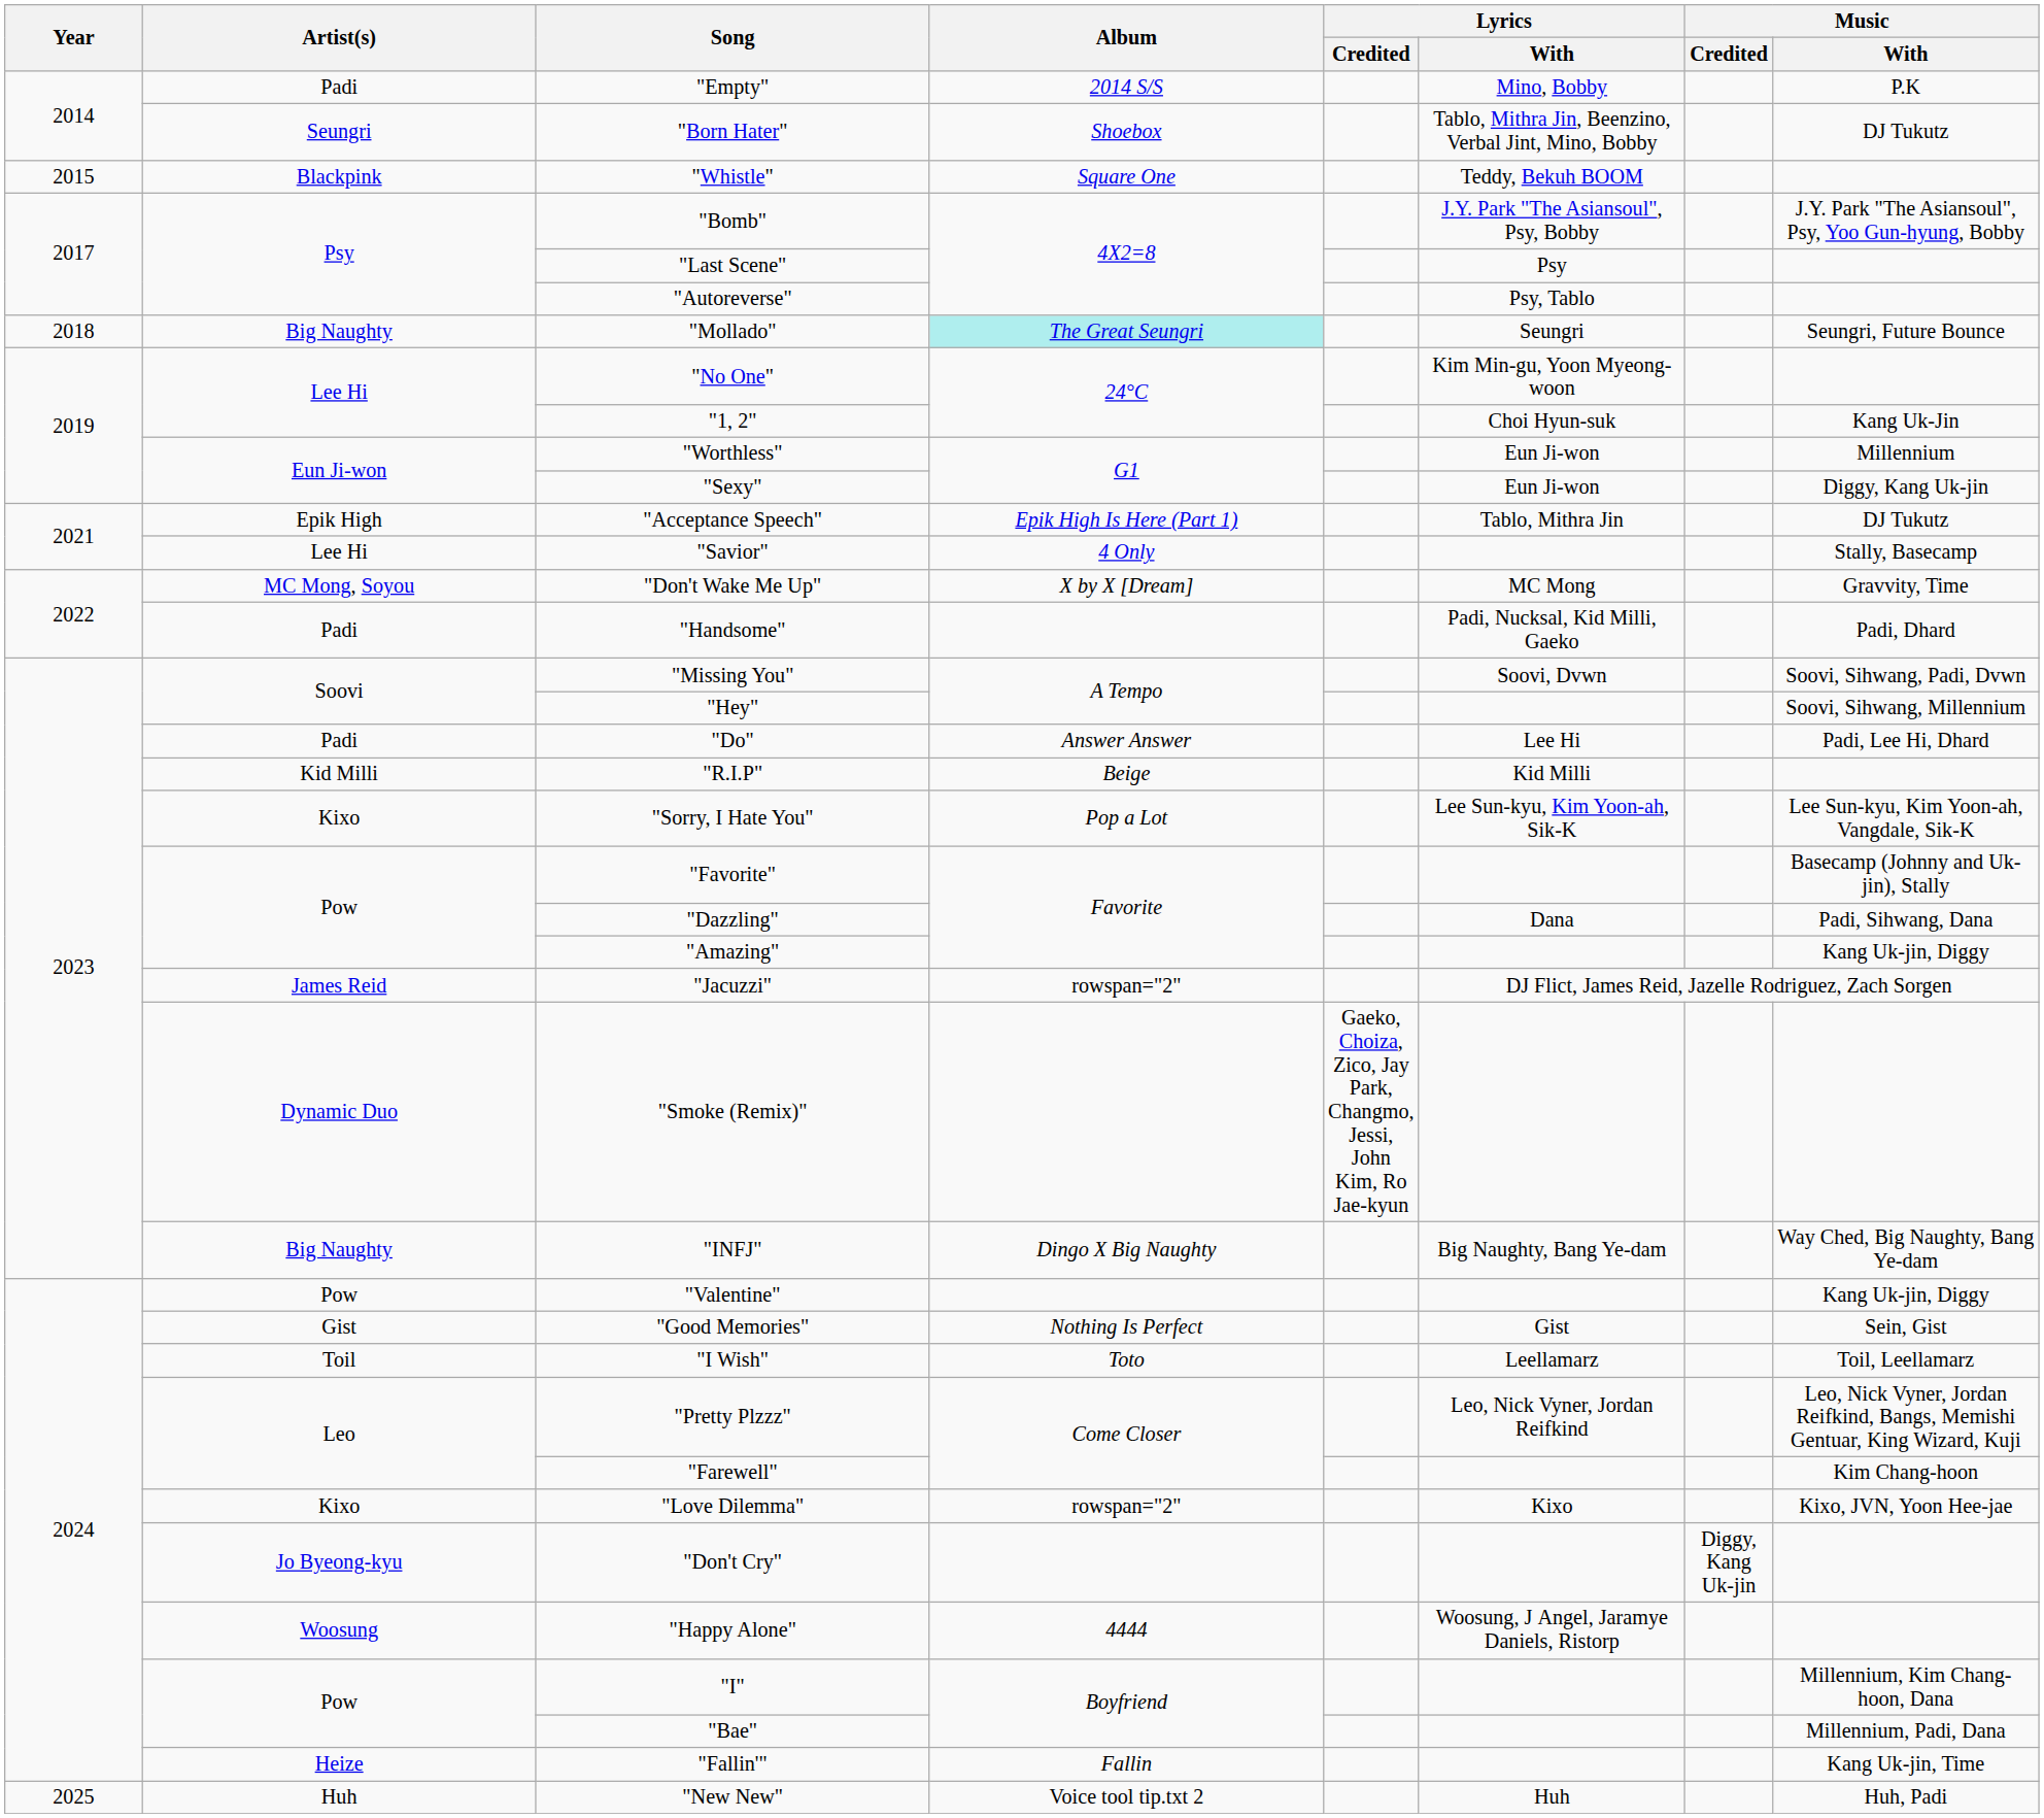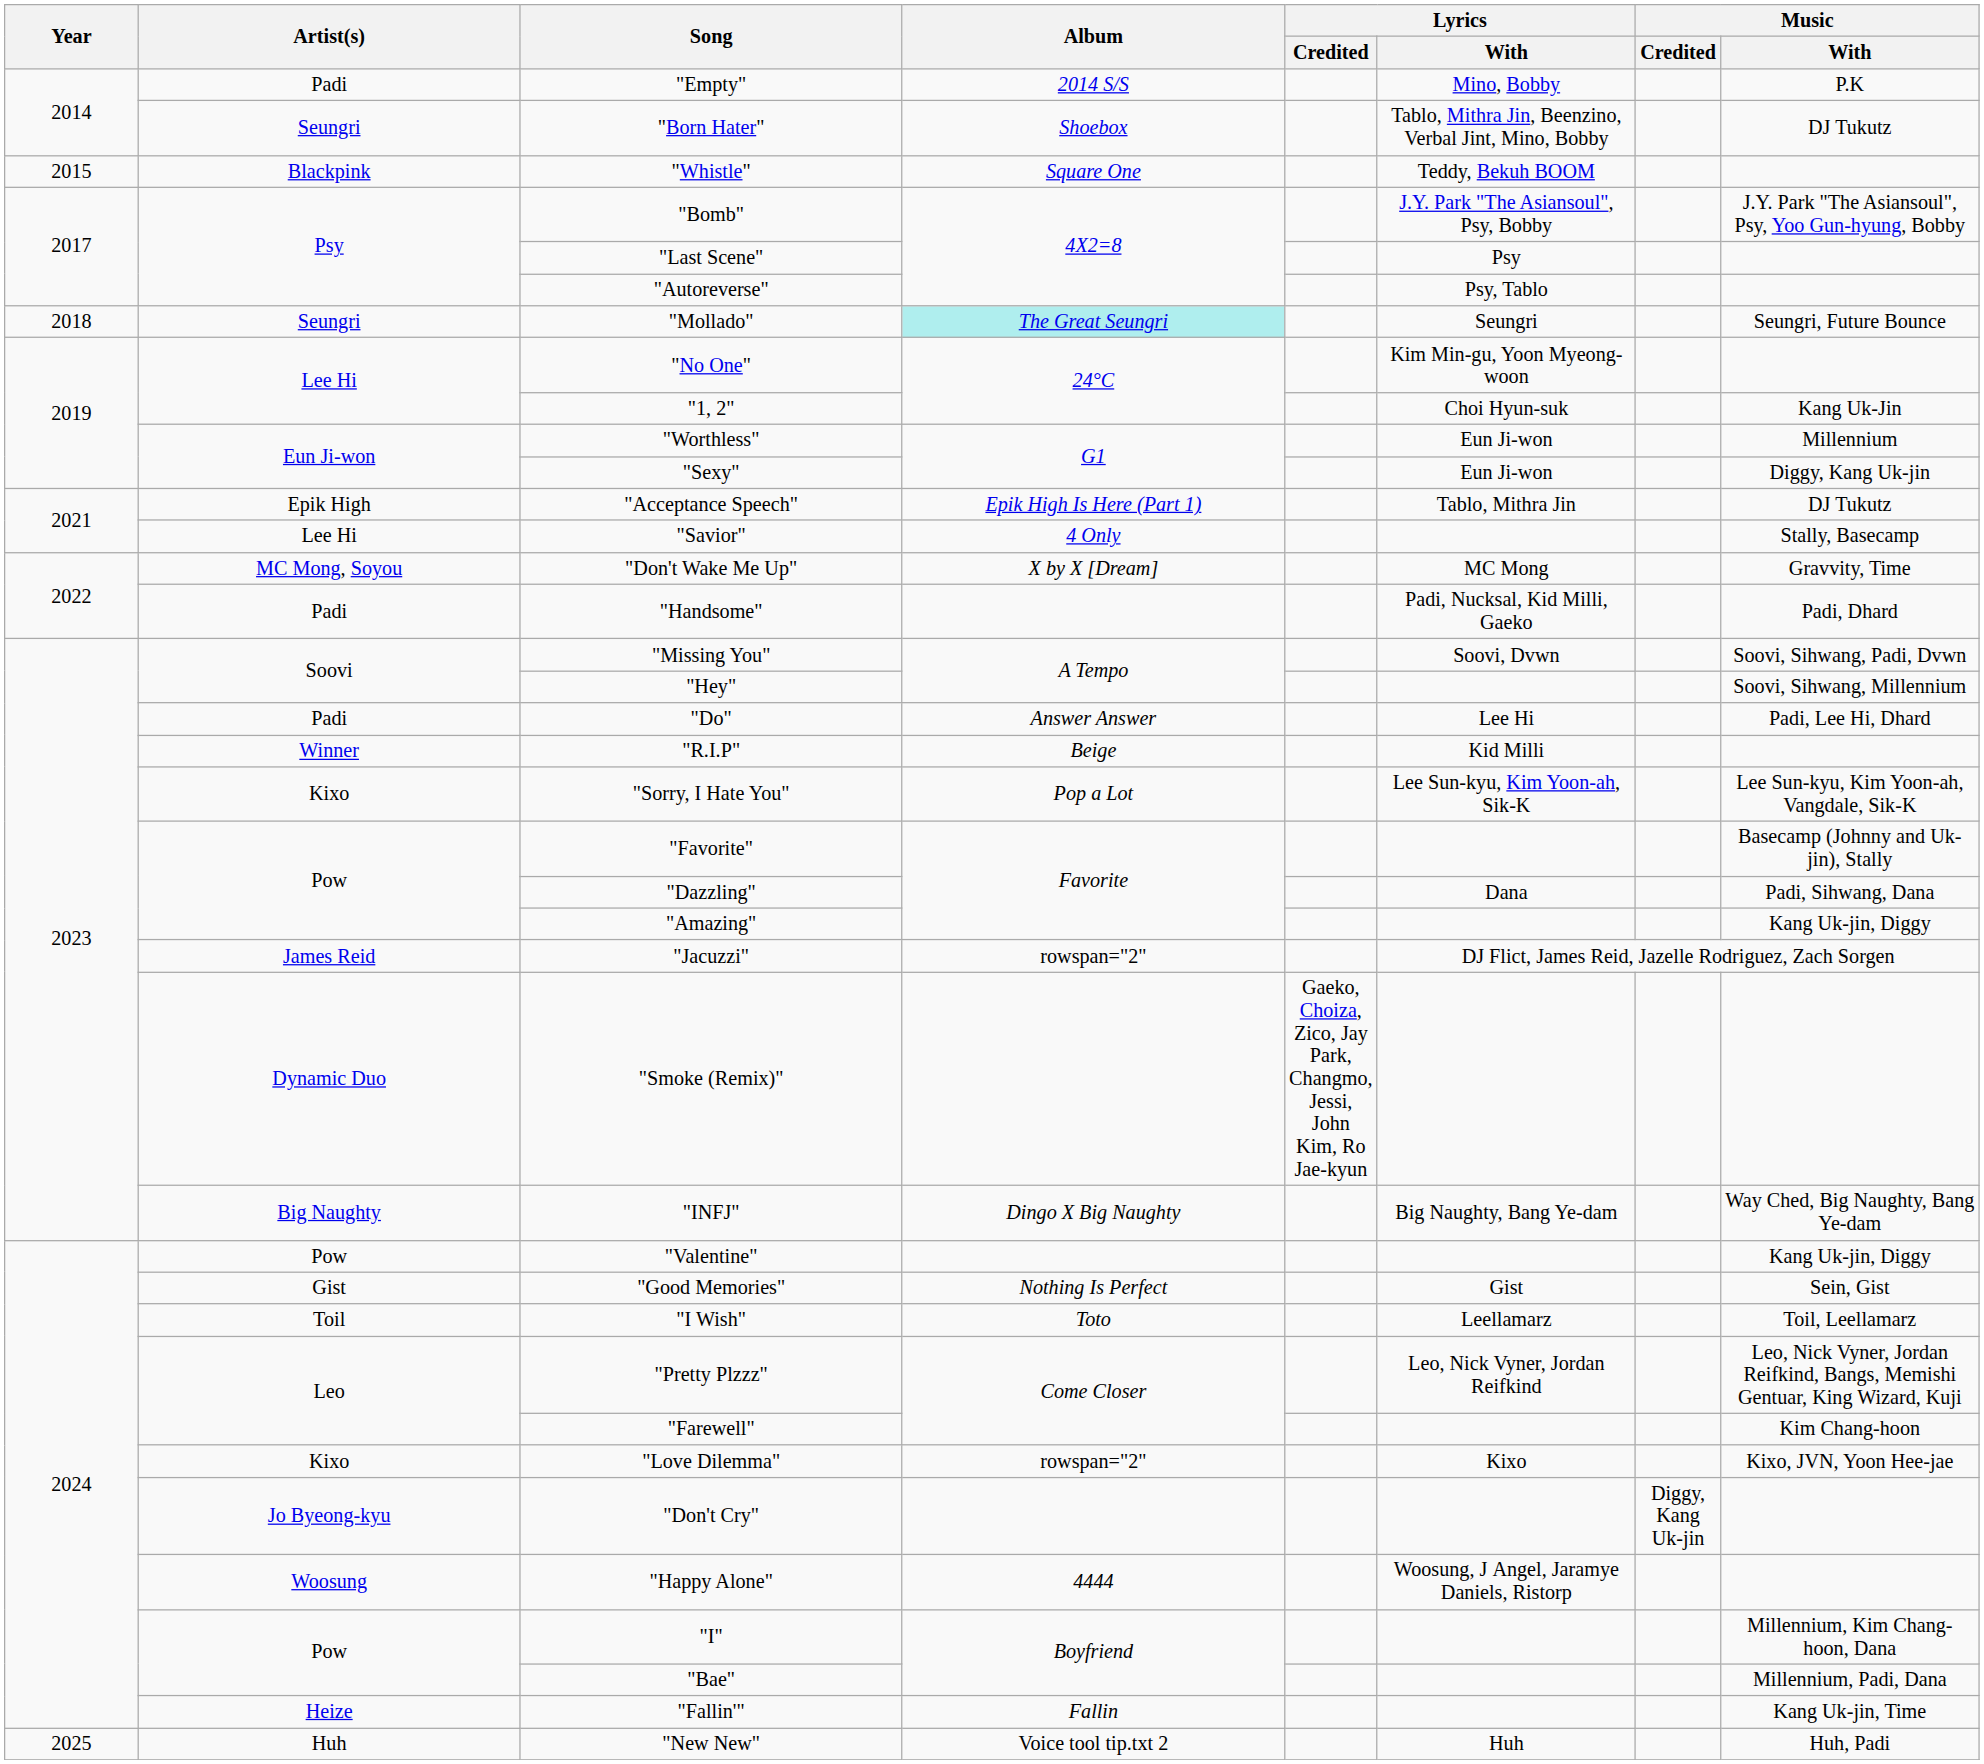 <table class="wikitable" style="text-align:center;">
 <tr>
 <th rowspan="2" width="100px">Year</th>
 <th rowspan="2" width="300px">Artist(s)</th>
 <th rowspan="2" width="300px">Song</th>
 <th rowspan="2" width="300px">Album</th>
 <th colspan="2">Lyrics</th>
 <th colspan="2">Music</th>
 </tr>
 <tr>
 <th width="50px">Credited</th>
 <th width="200px">With</th>
 <th width="50px">Credited</th>
 <th width="200px">With</th>
 </tr>
 <tr>
 <td rowspan="2">2014</td>
 <td>Padi</td>
 <td>"Empty"</td>
 <td><em><a href='#'>2014 S/S</a></em></td>
 <td></td>
 <td><a href='#'>Mino</a>, <a href='#'>Bobby</a></td>
 <td></td>
 <td>P.K</td>
 </tr>
 <tr>
 <td><a href='#'>Seungri</a></td>
 <td>"<a href='#'>Born Hater</a>" <br></td>
 <td><em><a href='#'>Shoebox</a></em></td>
 <td></td>
 <td>Tablo, <a href='#'>Mithra Jin</a>, Beenzino, Verbal Jint, Mino, Bobby</td>
 <td></td>
 <td>DJ Tukutz</td>
 </tr>
 <tr>
 <td>2015</td>
 <td><a href='#'>Blackpink</a></td>
 <td>"<a href='#'>Whistle</a>"</td>
 <td><em><a href='#'>Square One</a></em></td>
 <td></td>
 <td>Teddy, <a href='#'>Bekuh BOOM</a></td>
 <td></td>
 <td></td>
 </tr>
 <tr>
 <td rowspan="3">2017</td>
 <td rowspan="3"><a href='#'>Psy</a></td>
 <td>"Bomb" <br></td>
 <td rowspan="3"><em><a href='#'>4X2=8</a></em></td>
 <td></td>
 <td><a href='#'>J.Y. Park "The Asiansoul"</a>, Psy, Bobby</td>
 <td></td>
 <td>J.Y. Park "The Asiansoul", Psy, <a href='#'>Yoo Gun-hyung</a>, Bobby</td>
 </tr>
 <tr>
 <td>"Last Scene" <br></td>
 <td></td>
 <td>Psy</td>
 <td></td>
 <td></td>
 </tr>
 <tr>
 <td>"Autoreverse" <br></td>
 <td></td>
 <td>Psy, Tablo</td>
 <td></td>
 <td></td>
 </tr>
 <tr>
 <td>2018</td>
-<td><a href='#'>Big Naughty</a></td>
+<td><a href='#'>Seungri</a></td>
 <td>"Mollado" <br></td>
 <td style="background: paleturquoise;"><em><a href='#'>The Great Seungri</a></em></td>
 <td></td>
 <td>Seungri</td>
 <td></td>
 <td>Seungri, Future Bounce</td>
 </tr>
 <tr>
 <td rowspan="4">2019</td>
 <td rowspan="2"><a href='#'>Lee Hi</a></td>
 <td>"<a href='#'>No One</a>" <br></td>
 <td rowspan="2"><em><a href='#'>24°C</a></em></td>
 <td></td>
 <td>Kim Min-gu, Yoon Myeong-woon</td>
 <td></td>
 <td></td>
 </tr>
 <tr>
 <td>"1, 2" <br></td>
 <td></td>
 <td>Choi Hyun-suk</td>
 <td></td>
 <td>Kang Uk-Jin</td>
 </tr>
 <tr>
 <td rowspan="2"><a href='#'>Eun Ji-won</a></td>
 <td>"Worthless"</td>
 <td rowspan="2"><em><a href='#'>G1</a></em></td>
 <td></td>
 <td>Eun Ji-won</td>
 <td></td>
 <td>Millennium</td>
 </tr>
 <tr>
 <td>"Sexy"</td>
 <td></td>
 <td>Eun Ji-won</td>
 <td></td>
 <td>Diggy, Kang Uk-jin</td>
 </tr>
 <tr>
 <td rowspan="2">2021</td>
 <td>Epik High</td>
 <td>"Acceptance Speech" <br></td>
 <td><em><a href='#'>Epik High Is Here (Part 1)</a></em></td>
 <td></td>
 <td>Tablo, Mithra Jin</td>
 <td></td>
 <td>DJ Tukutz</td>
 </tr>
 <tr>
 <td>Lee Hi</td>
 <td>"Savior" <br></td>
 <td><em><a href='#'>4 Only</a></em></td>
 <td></td>
 <td></td>
 <td></td>
 <td>Stally, Basecamp</td>
 </tr>
 <tr>
 <td rowspan="2">2022</td>
 <td><a href='#'>MC Mong</a>, <a href='#'>Soyou</a></td>
 <td>"Don't Wake Me Up"</td>
 <td><em>X by X [Dream]</em></td>
 <td></td>
 <td>MC Mong</td>
 <td></td>
 <td>Gravvity, Time</td>
 </tr>
 <tr>
 <td>Padi</td>
 <td>"Handsome" <br></td>
 <td></td>
 <td></td>
 <td>Padi, Nucksal, Kid Milli, Gaeko</td>
 <td></td>
 <td>Padi, Dhard</td>
 </tr>
 <tr>
 <td rowspan="11">2023</td>
 <td rowspan="2">Soovi</td>
 <td>"Missing You" <br></td>
 <td rowspan="2"><em>A Tempo</em></td>
 <td></td>
 <td>Soovi, Dvwn</td>
 <td></td>
 <td>Soovi, Sihwang, Padi, Dvwn</td>
 </tr>
 <tr>
 <td>"Hey"</td>
 <td></td>
 <td></td>
 <td></td>
 <td>Soovi, Sihwang, Millennium</td>
 </tr>
 <tr>
 <td>Padi</td>
 <td>"Do" <br></td>
 <td><em>Answer Answer</em></td>
 <td></td>
 <td>Lee Hi</td>
 <td></td>
 <td>Padi, Lee Hi, Dhard</td>
 </tr>
 <tr>
-<td>Kid Milli</td>
+<td><a href='#'>Winner</a></td>
 <td>"R.I.P" <br></td>
 <td><em>Beige</em></td>
 <td></td>
 <td>Kid Milli</td>
 <td></td>
 <td></td>
 </tr>
 <tr>
 <td>Kixo</td>
 <td>"Sorry, I Hate You" <br></td>
 <td><em>Pop a Lot</em></td>
 <td></td>
 <td>Lee Sun-kyu, <a href='#'>Kim Yoon-ah</a>, Sik-K</td>
 <td></td>
 <td>Lee Sun-kyu, Kim Yoon-ah, Vangdale, Sik-K</td>
 </tr>
 <tr>
 <td rowspan="3">Pow</td>
 <td>"Favorite"</td>
 <td rowspan="3"><em>Favorite</em></td>
 <td></td>
 <td></td>
 <td></td>
 <td>Basecamp (Johnny and Uk-jin), Stally</td>
 </tr>
 <tr>
 <td>"Dazzling"</td>
 <td></td>
 <td>Dana</td>
 <td></td>
 <td>Padi, Sihwang, Dana</td>
 </tr>
 <tr>
 <td>"Amazing"</td>
 <td></td>
 <td></td>
 <td></td>
 <td>Kang Uk-jin, Diggy</td>
 </tr>
 <tr>
 <td><a href='#'>James Reid</a></td>
 <td>"Jacuzzi" <br></td>
 <td>rowspan="2" </td>
 <td></td>
 <td colspan="3">DJ Flict, James Reid, Jazelle Rodriguez, Zach Sorgen</td>
 </tr>
 <tr>
 <td><a href='#'>Dynamic Duo</a></td>
 <td>"Smoke (Remix)" <br></td>
 <td></td>
 <td>Gaeko, <a href='#'>Choiza</a>, Zico, Jay Park, Changmo, Jessi, John Kim, Ro Jae-kyun</td>
 <td></td>
 <td></td>
 </tr>
 <tr>
 <td><a href='#'>Big Naughty</a></td>
 <td>"INFJ" <br></td>
 <td><em>Dingo X Big Naughty</em></td>
 <td></td>
 <td>Big Naughty, Bang Ye-dam</td>
 <td></td>
 <td>Way Ched, Big Naughty, Bang Ye-dam</td>
 </tr>
 <tr>
 <td rowspan="11">2024</td>
 <td>Pow</td>
 <td>"Valentine"</td>
 <td></td>
 <td></td>
 <td></td>
 <td></td>
 <td>Kang Uk-jin, Diggy</td>
 </tr>
 <tr>
 <td>Gist</td>
 <td>"Good Memories" <br></td>
 <td><em>Nothing Is Perfect</em></td>
 <td></td>
 <td>Gist</td>
 <td></td>
 <td>Sein, Gist</td>
 </tr>
 <tr>
 <td>Toil</td>
 <td>"I Wish" <br></td>
 <td><em>Toto</em></td>
 <td></td>
 <td>Leellamarz</td>
 <td></td>
 <td>Toil, Leellamarz</td>
 </tr>
 <tr>
 <td rowspan="2">Leo</td>
 <td>"Pretty Plzzz" <br></td>
 <td rowspan="2"><em>Come Closer</em></td>
 <td></td>
 <td>Leo, Nick Vyner, Jordan Reifkind</td>
 <td></td>
 <td>Leo, Nick Vyner, Jordan Reifkind, Bangs, Memishi Gentuar, King Wizard, Kuji</td>
 </tr>
 <tr>
 <td>"Farewell"</td>
 <td></td>
 <td></td>
 <td></td>
 <td>Kim Chang-hoon</td>
 </tr>
 <tr>
 <td>Kixo</td>
 <td>"Love Dilemma" <br></td>
 <td>rowspan="2" </td>
 <td></td>
 <td>Kixo</td>
 <td></td>
 <td>Kixo, JVN, Yoon Hee-jae</td>
 </tr>
 <tr>
 <td><a href='#'>Jo Byeong-kyu</a></td>
 <td>"Don't Cry"</td>
 <td></td>
 <td></td>
 <td></td>
 <td>Diggy, Kang Uk-jin</td>
 </tr>
 <tr>
 <td><a href='#'>Woosung</a></td>
 <td>"Happy Alone" <br></td>
 <td><em>4444</em></td>
 <td></td>
 <td>Woosung, J Angel, Jaramye Daniels, Ristorp</td>
 <td></td>
 <td></td>
 </tr>
 <tr>
 <td rowspan="2">Pow</td>
 <td>"I"</td>
 <td rowspan="2"><em>Boyfriend</em></td>
 <td></td>
 <td></td>
 <td></td>
 <td>Millennium, Kim Chang-hoon, Dana</td>
 </tr>
 <tr>
 <td>"Bae"</td>
 <td></td>
 <td></td>
 <td></td>
 <td>Millennium, Padi, Dana</td>
 </tr>
 <tr>
 <td><a href='#'>Heize</a></td>
 <td>"Fallin'"</td>
 <td><em>Fallin<strong></td>
 <td></td>
 <td></td>
 <td></td>
 <td>Kang Uk-jin, Time</td>
 </tr>
 <tr>
 <td>2025</td>
 <td>Huh</td>
 <td>"New New"</td>
 <td></em>Voice tool tip.txt 2<em></td>
 <td></td>
 <td>Huh</td>
 <td></td>
 <td>Huh, Padi</td>
 </tr>
 </table>
